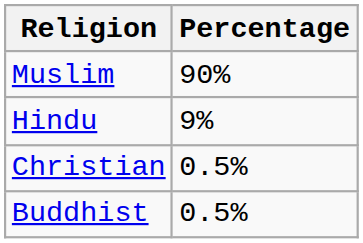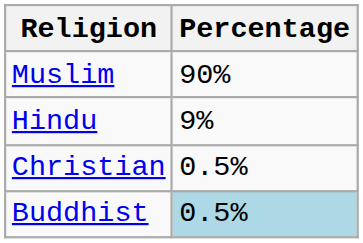 <table class="wikitable">
 <tr>
 <th>Religion</th>
 <th>Percentage</th>
 </tr>
 <tr>
 <td><a href='#'>Muslim</a></td>
 <td>90%</td>
 </tr>
 <tr>
 <td><a href='#'>Hindu</a></td>
 <td>9%</td>
 </tr>
 <tr>
 <td><a href='#'>Christian</a></td>
 <td>0.5%</td>
 </tr>
 <tr>
 <td><a href='#'>Buddhist</a></td>
-<td>0.5%</td>
+<td style="background: lightblue;">0.5%</td>
 </tr>
 </table>
